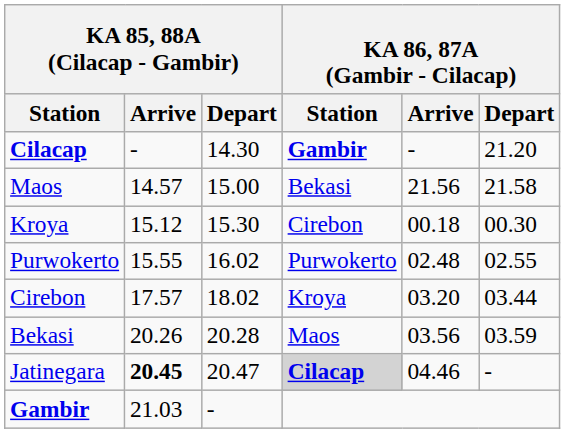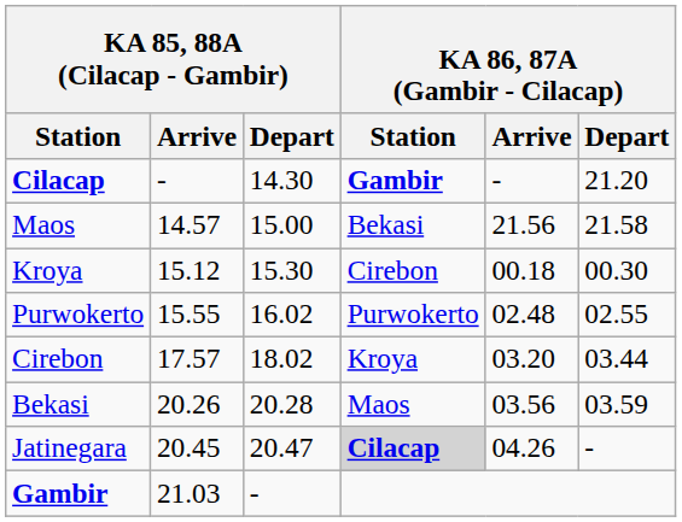 <table class="wikitable">
 <tr>
 <th Colspan=3>KA 85, 88A<br>(Cilacap - Gambir)</th>
 <th Colspan=3><br>KA 86, 87A<br> (Gambir - Cilacap)</th>
 </tr>
 <tr>
 <th>Station</th>
 <th>Arrive</th>
 <th>Depart</th>
 <th>Station</th>
 <th>Arrive</th>
 <th>Depart</th>
 </tr>
 <tr>
 <td><a href='#'><strong>Cilacap</strong></a></td>
 <td>-</td>
 <td>14.30</td>
 <td><a href='#'><strong>Gambir</strong></a></td>
 <td>-</td>
 <td>21.20</td>
 </tr>
 <tr>
 <td><a href='#'>Maos</a></td>
 <td>14.57</td>
 <td>15.00</td>
 <td><a href='#'>Bekasi</a></td>
 <td>21.56</td>
 <td>21.58</td>
 </tr>
 <tr>
 <td><a href='#'>Kroya</a></td>
 <td>15.12</td>
 <td>15.30</td>
 <td><a href='#'>Cirebon</a></td>
 <td>00.18</td>
 <td>00.30</td>
 </tr>
 <tr>
 <td><a href='#'>Purwokerto</a></td>
 <td>15.55</td>
 <td>16.02</td>
 <td><a href='#'>Purwokerto</a></td>
 <td>02.48</td>
 <td>02.55</td>
 </tr>
 <tr>
 <td><a href='#'>Cirebon</a></td>
 <td>17.57</td>
 <td>18.02</td>
 <td><a href='#'>Kroya</a></td>
 <td>03.20</td>
 <td>03.44</td>
 </tr>
 <tr>
 <td><a href='#'>Bekasi</a></td>
 <td>20.26</td>
 <td>20.28</td>
 <td><a href='#'>Maos</a></td>
 <td>03.56</td>
 <td>03.59</td>
 </tr>
 <tr>
 <td><a href='#'>Jatinegara</a></td>
-<td><strong>20.45</strong></td>
+<td>20.45</td>
 <td>20.47</td>
 <td style="background: lightgrey;"><a href='#'><strong>Cilacap</strong></a></td>
-<td>04.46</td>
+<td>04.26</td>
 <td>-</td>
 </tr>
 <tr>
 <td><a href='#'><strong>Gambir</strong></a></td>
 <td>21.03</td>
 <td>-</td>
 </tr>
 </table>
